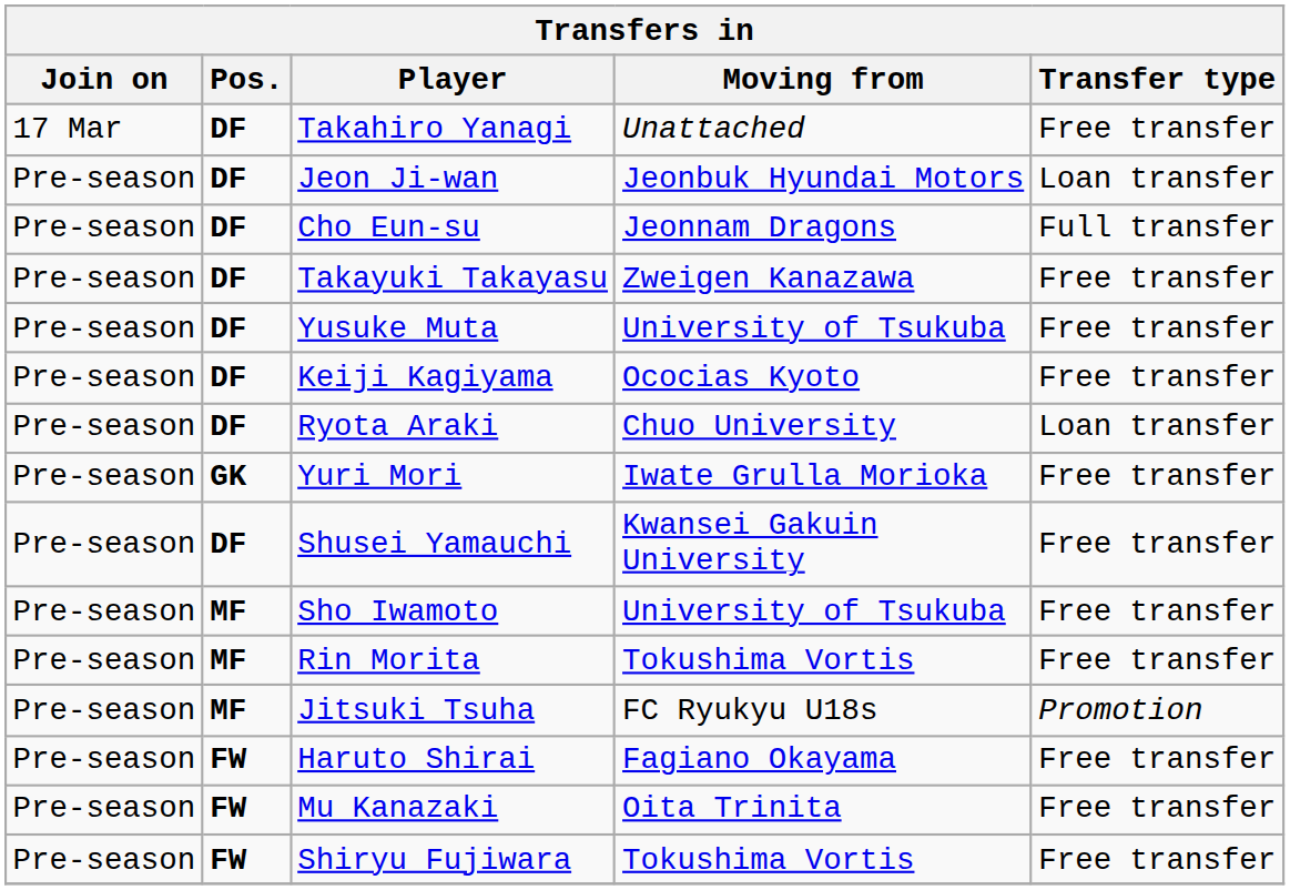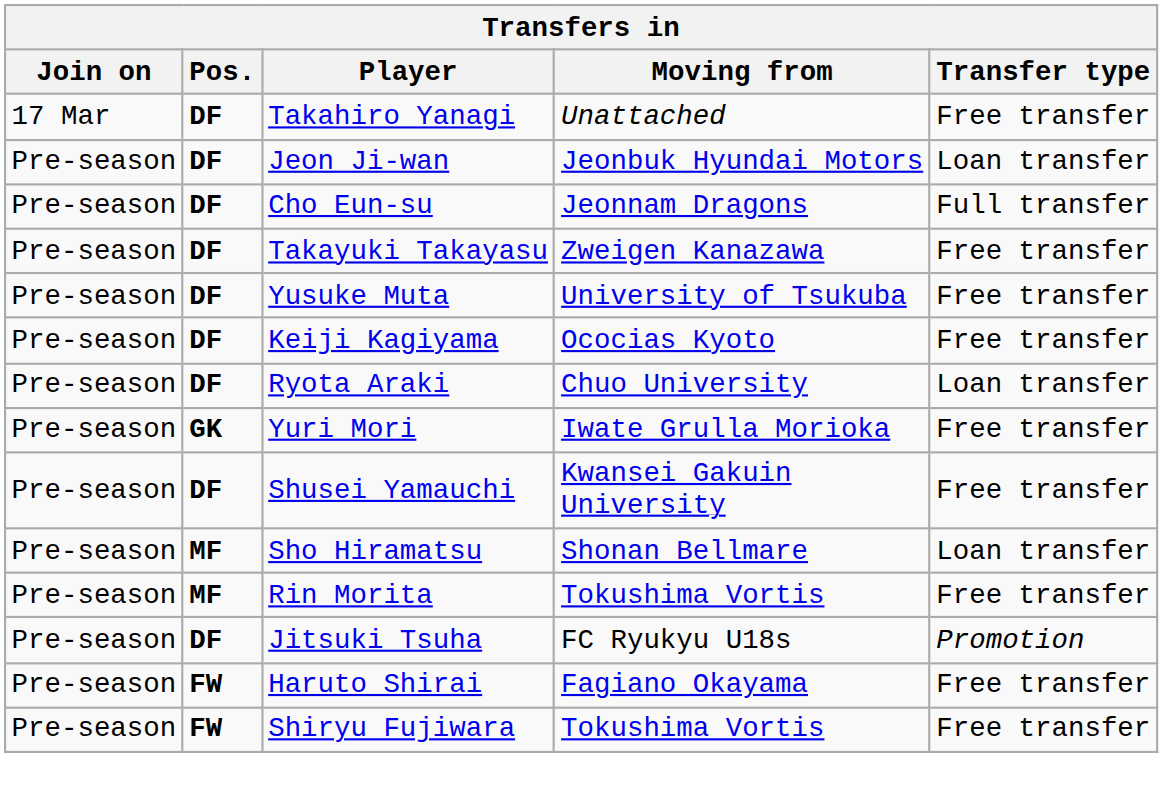 <table class="wikitable sortable" style=“text-align:left;>
 <tr>
 <th colspan="5">Transfers in</th>
 </tr>
 <tr>
 <th>Join on</th>
 <th>Pos.</th>
 <th>Player</th>
 <th>Moving from</th>
 <th>Transfer type</th>
 </tr>
 <tr>
 <td>17 Mar</td>
 <td><strong>DF</strong></td>
 <td> <a href='#'>Takahiro Yanagi</a></td>
 <td><em>Unattached</em></td>
 <td>Free transfer</td>
 </tr>
 <tr>
 <td>Pre-season</td>
 <td><strong>DF</strong></td>
 <td> <a href='#'>Jeon Ji-wan</a></td>
 <td> <a href='#'>Jeonbuk Hyundai Motors</a></td>
 <td>Loan transfer</td>
 </tr>
 <tr>
 <td>Pre-season</td>
 <td><strong>DF</strong></td>
 <td> <a href='#'>Cho Eun-su</a></td>
 <td> <a href='#'>Jeonnam Dragons</a></td>
 <td>Full transfer</td>
 </tr>
 <tr>
 <td>Pre-season</td>
 <td><strong>DF</strong></td>
 <td> <a href='#'>Takayuki Takayasu</a></td>
 <td> <a href='#'>Zweigen Kanazawa</a></td>
 <td>Free transfer</td>
 </tr>
 <tr>
 <td>Pre-season</td>
 <td><strong>DF</strong></td>
 <td> <a href='#'>Yusuke Muta</a></td>
 <td> <a href='#'>University of Tsukuba</a></td>
 <td>Free transfer</td>
 </tr>
 <tr>
 <td>Pre-season</td>
 <td><strong>DF</strong></td>
 <td> <a href='#'>Keiji Kagiyama</a></td>
 <td> <a href='#'>Ococias Kyoto</a></td>
 <td>Free transfer</td>
 </tr>
 <tr>
 <td>Pre-season</td>
 <td><strong>DF</strong></td>
 <td> <a href='#'>Ryota Araki</a></td>
 <td> <a href='#'>Chuo University</a></td>
 <td>Loan transfer</td>
 </tr>
 <tr>
 <td>Pre-season</td>
 <td><strong>GK</strong></td>
 <td> <a href='#'>Yuri Mori</a></td>
 <td> <a href='#'>Iwate Grulla Morioka</a></td>
 <td>Free transfer</td>
 </tr>
 <tr>
 <td>Pre-season</td>
 <td><strong>DF</strong></td>
 <td> <a href='#'>Shusei Yamauchi</a></td>
 <td> <a href='#'>Kwansei Gakuin<br>University</a></td>
 <td>Free transfer</td>
 </tr>
 <tr>
 <td>Pre-season</td>
 <td><strong>MF</strong></td>
-<td> <a href='#'>Sho Iwamoto</a></td>
-<td> <a href='#'>University of Tsukuba</a></td>
-<td>Free transfer</td>
+<td> <a href='#'>Sho Hiramatsu</a></td>
+<td> <a href='#'>Shonan Bellmare</a></td>
+<td>Loan transfer</td>
 </tr>
 <tr>
 <td>Pre-season</td>
 <td><strong>MF</strong></td>
 <td> <a href='#'>Rin Morita</a></td>
 <td> <a href='#'>Tokushima Vortis</a></td>
 <td>Free transfer</td>
 </tr>
 <tr>
 <td>Pre-season</td>
-<td><strong>MF</strong></td>
+<td><strong>DF</strong></td>
 <td> <a href='#'>Jitsuki Tsuha</a></td>
 <td>FC Ryukyu U18s</td>
 <td><em>Promotion</em></td>
 </tr>
 <tr>
 <td>Pre-season</td>
 <td><strong>FW</strong></td>
 <td> <a href='#'>Haruto Shirai</a></td>
 <td> <a href='#'>Fagiano Okayama</a></td>
 <td>Free transfer</td>
 </tr>
 <tr>
 <td>Pre-season</td>
 <td><strong>FW</strong></td>
-<td> <a href='#'>Mu Kanazaki</a></td>
-<td> <a href='#'>Oita Trinita</a></td>
-<td>Free transfer</td>
-</tr>
-<tr>
-<td>Pre-season</td>
-<td><strong>FW</strong></td>
 <td> <a href='#'>Shiryu Fujiwara</a></td>
 <td> <a href='#'>Tokushima Vortis</a></td>
 <td>Free transfer</td>
 </tr>
 <tr>
 </tr>
 </table>
